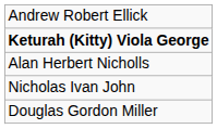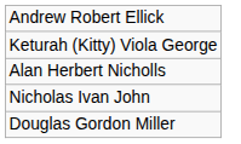 <table class="wikitable">
 <tr>
 <td>Andrew Robert Ellick</td>
 </tr>
 <tr>
-<td><strong>Keturah (Kitty) Viola George</strong></td>
+<td>Keturah (Kitty) Viola George</td>
 </tr>
 <tr>
 <td>Alan Herbert Nicholls</td>
 </tr>
 <tr>
 <td>Nicholas Ivan John</td>
 </tr>
 <tr>
 <td>Douglas Gordon Miller</td>
 </tr>
 </table>
